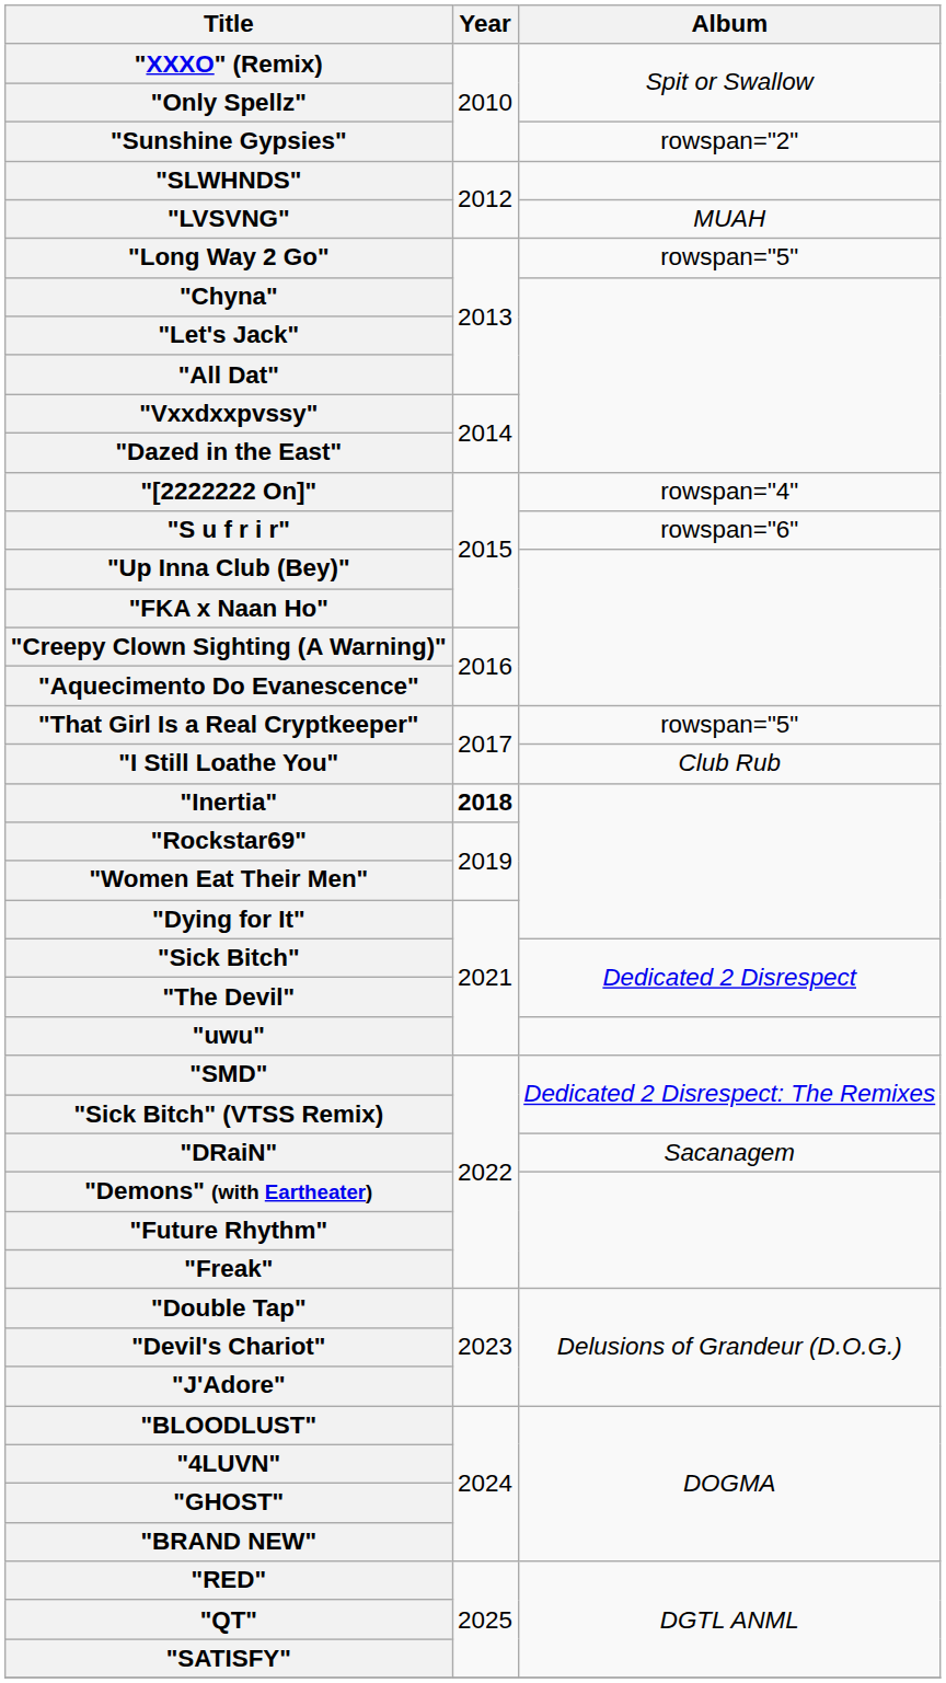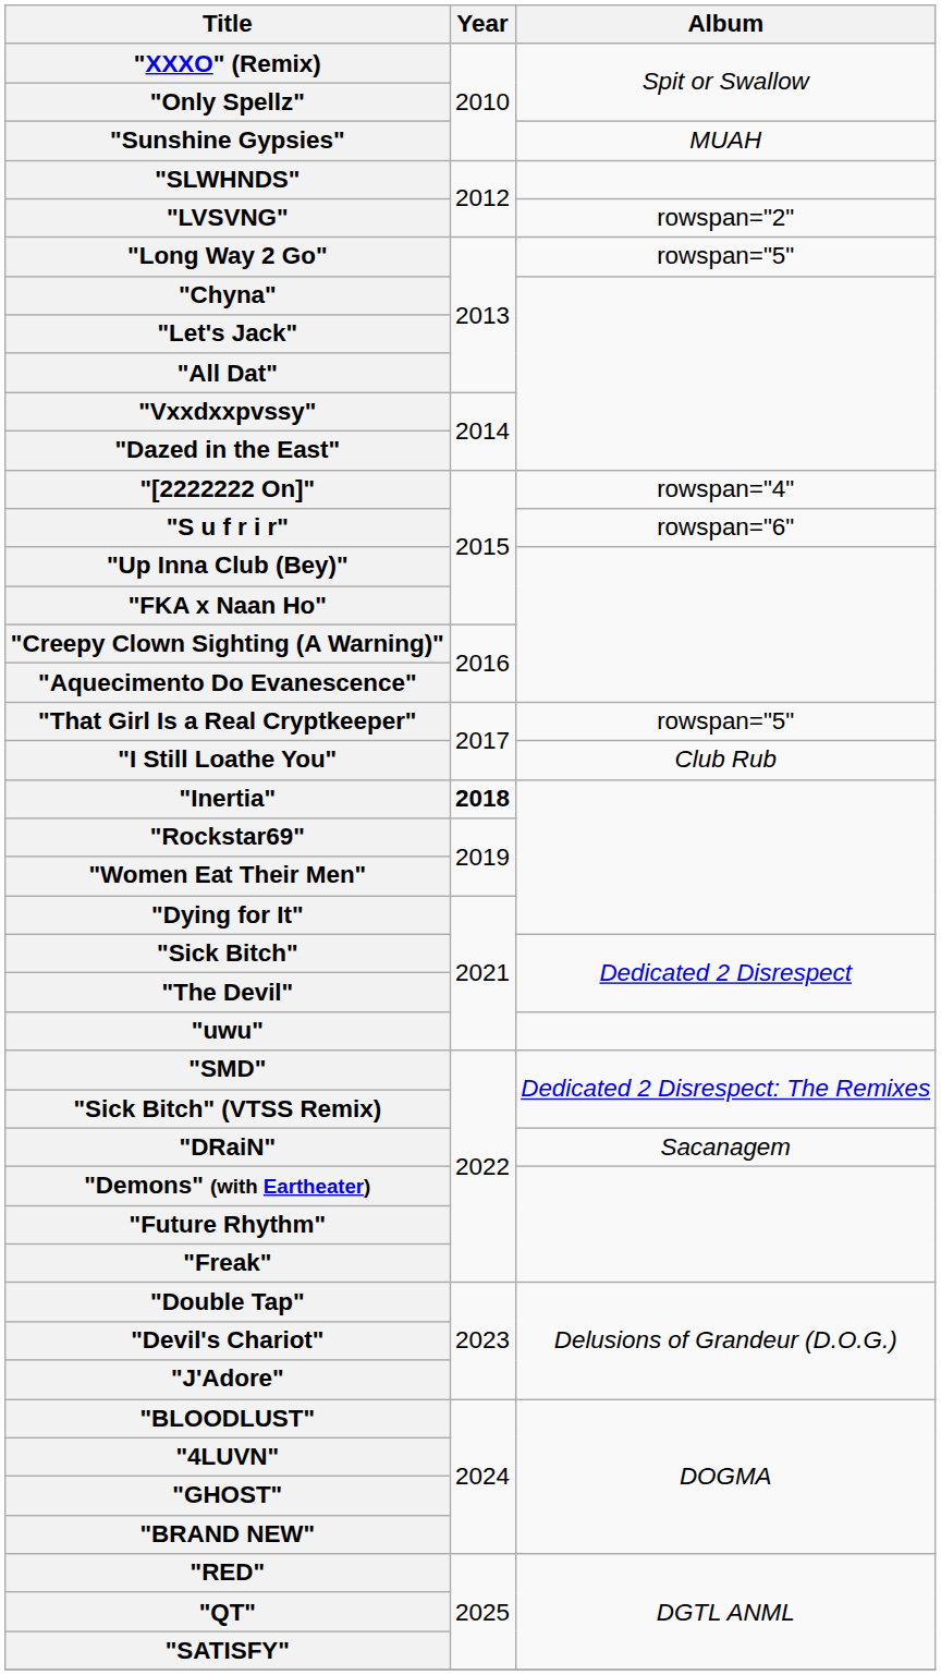 <table class="wikitable plainrowheaders" style="text-align:center;">
 <tr>
 <th scope="col">Title</th>
 <th scope="col">Year</th>
 <th scope="col">Album</th>
 </tr>
 <tr>
 <th scope="row">"<a href='#'>XXXO</a>" (Remix)</th>
 <td rowspan="3">2010</td>
 <td rowspan="2"><em>Spit or Swallow</em></td>
 </tr>
 <tr>
 <th scope="row">"Only Spellz"</th>
 </tr>
 <tr>
 <th scope="row">"Sunshine Gypsies"</th>
-<td>rowspan="2" </td>
+<td><em>MUAH</em></td>
 </tr>
 <tr>
 <th scope="row">"SLWHNDS"</th>
 <td rowspan="2">2012</td>
 </tr>
 <tr>
 <th scope="row">"LVSVNG"</th>
-<td><em>MUAH</em></td>
+<td>rowspan="2" </td>
 </tr>
 <tr>
 <th scope="row">"Long Way 2 Go"</th>
 <td rowspan="4">2013</td>
 <td>rowspan="5" </td>
 </tr>
 <tr>
 <th scope="row">"Chyna"</th>
 </tr>
 <tr>
 <th scope="row">"Let's Jack"</th>
 </tr>
 <tr>
 <th scope="row">"All Dat"</th>
 </tr>
 <tr>
 <th scope="row">"Vxxdxxpvssy"</th>
 <td rowspan="2">2014</td>
 </tr>
 <tr>
 <th scope="row">"Dazed in the East"</th>
 </tr>
 <tr>
 <th scope="row">"[2222222 On]"</th>
 <td rowspan="4">2015</td>
 <td>rowspan="4" </td>
 </tr>
 <tr>
 <th scope="row">"S u f r i r"</th>
 <td>rowspan="6" </td>
 </tr>
 <tr>
 <th scope="row">"Up Inna Club (Bey)"</th>
 </tr>
 <tr>
 <th scope="row">"FKA x Naan Ho"</th>
 </tr>
 <tr>
 <th scope="row">"Creepy Clown Sighting (A Warning)"</th>
 <td rowspan="2">2016</td>
 </tr>
 <tr>
 <th scope="row">"Aquecimento Do Evanescence"</th>
 </tr>
 <tr>
 <th scope="row">"That Girl Is a Real Cryptkeeper"</th>
 <td rowspan="2">2017</td>
 <td>rowspan="5" </td>
 </tr>
 <tr>
 <th scope="row">"I Still Loathe You"</th>
 <td><em>Club Rub</em></td>
 </tr>
 <tr>
 <th scope="row">"Inertia"</th>
 <td><strong>2018</strong></td>
 </tr>
 <tr>
 <th scope="row">"Rockstar69"</th>
 <td rowspan="2">2019</td>
 </tr>
 <tr>
 <th scope="row">"Women Eat Their Men"</th>
 </tr>
 <tr>
 <th scope="row">"Dying for It"</th>
 <td rowspan="4">2021</td>
 </tr>
 <tr>
 <th scope="row">"Sick Bitch"</th>
 <td rowspan="2"><em><a href='#'>Dedicated 2 Disrespect</a></em></td>
 </tr>
 <tr>
 <th scope="row">"The Devil"</th>
 </tr>
 <tr>
 <th scope="row">"uwu"</th>
 <td></td>
 </tr>
 <tr>
 <th scope="row">"SMD"</th>
 <td rowspan="6">2022</td>
 <td rowspan="2"><em><a href='#'>Dedicated 2 Disrespect: The Remixes</a></em></td>
 </tr>
 <tr>
 <th scope="row">"Sick Bitch" (VTSS Remix)</th>
 </tr>
 <tr>
 <th scope="row">"DRaiN"</th>
 <td><em>Sacanagem</em></td>
 </tr>
 <tr>
 <th scope="row">"Demons" <small>(with <a href='#'>Eartheater</a>)</small></th>
 </tr>
 <tr>
 <th scope="row">"Future Rhythm"</th>
 </tr>
 <tr>
 <th scope="row">"Freak"</th>
 </tr>
 <tr>
 <th scope="row">"Double Tap"</th>
 <td rowspan="3">2023</td>
 <td rowspan="3"><em>Delusions of Grandeur (D.O.G.)</em></td>
 </tr>
 <tr>
 <th scope="row">"Devil's Chariot"</th>
 </tr>
 <tr>
 <th scope="row">"J'Adore"</th>
 </tr>
 <tr>
 <th scope="row">"BLOODLUST"</th>
 <td rowspan="4">2024</td>
 <td rowspan="4"><em>DOGMA</em></td>
 </tr>
 <tr>
 <th scope="row">"4LUVN"</th>
 </tr>
 <tr>
 <th scope="row">"GHOST"</th>
 </tr>
 <tr>
 <th scope="row">"BRAND NEW"</th>
 </tr>
 <tr>
 <th scope="row">"RED"</th>
 <td rowspan="3">2025</td>
 <td rowspan="3"><em>DGTL ANML</em></td>
 </tr>
 <tr>
 <th scope="row">"QT"</th>
 </tr>
 <tr>
 <th scope="row">"SATISFY"</th>
 </tr>
 <tr>
 </tr>
 </table>
